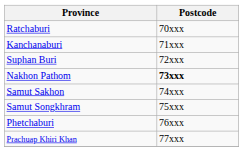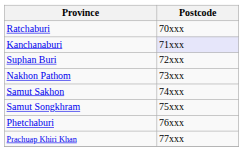 <table class="wikitable" style="width:30%; display:inline-table;">
 <tr>
 <th>Province</th>
 <th>Postcode</th>
 </tr>
 <tr>
 <td><a href='#'>Ratchaburi</a></td>
 <td>70xxx</td>
 </tr>
 <tr>
 <td><a href='#'>Kanchanaburi</a></td>
-<td>71xxx</td>
+<td style="background: lavender;">71xxx</td>
 </tr>
 <tr>
 <td><a href='#'>Suphan Buri</a></td>
 <td>72xxx</td>
 </tr>
 <tr>
 <td><a href='#'>Nakhon Pathom</a></td>
-<td><strong>73xxx</strong></td>
+<td>73xxx</td>
 </tr>
 <tr>
 <td><a href='#'>Samut Sakhon</a></td>
 <td>74xxx</td>
 </tr>
 <tr>
 <td><a href='#'>Samut Songkhram</a></td>
 <td>75xxx</td>
 </tr>
 <tr>
 <td><a href='#'>Phetchaburi</a></td>
 <td>76xxx</td>
 </tr>
 <tr>
 <td><a href='#'><small>Prachuap Khiri Khan</small></a></td>
 <td>77xxx</td>
 </tr>
 <tr>
 </tr>
 </table>
